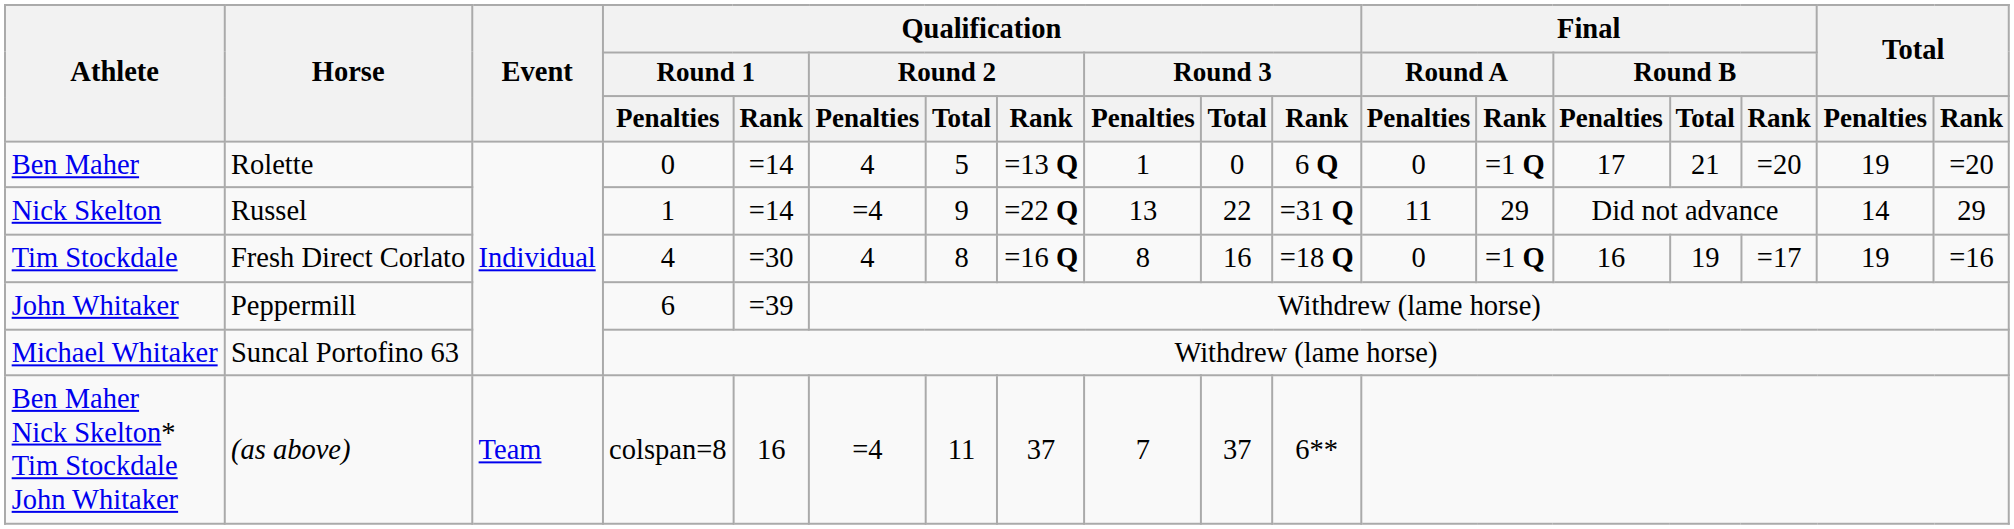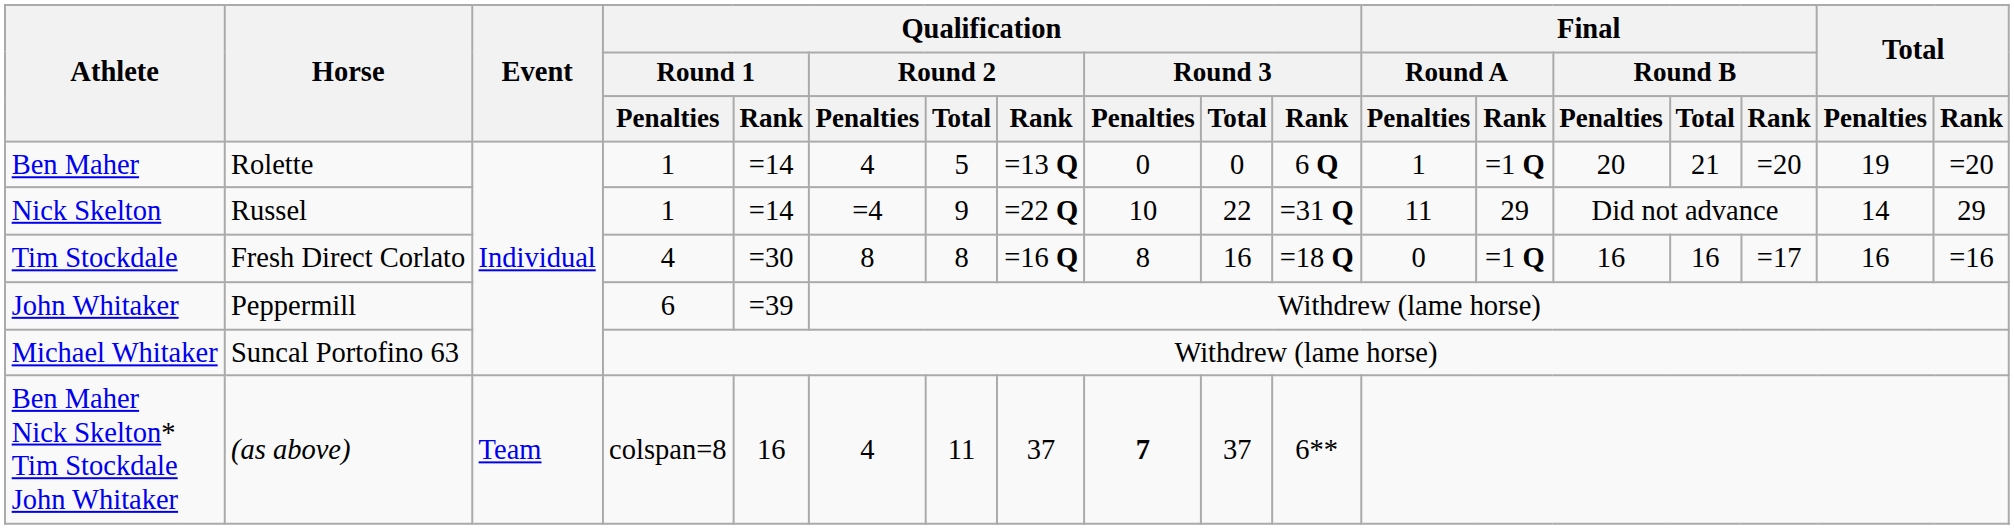 <table class="wikitable" style="font-size:90%">
 <tr>
 <th rowspan="3">Athlete</th>
 <th rowspan="3">Horse</th>
 <th rowspan="3">Event</th>
 <th colspan="8">Qualification</th>
 <th colspan="5">Final</th>
 <th rowspan=2 colspan="2">Total</th>
 </tr>
 <tr style="font-size:95%">
 <th colspan="2">Round 1</th>
 <th colspan="3">Round 2</th>
 <th colspan="3">Round 3</th>
 <th colspan="2">Round A</th>
 <th colspan="3">Round B</th>
 </tr>
 <tr style="font-size:95%">
 <th>Penalties</th>
 <th>Rank</th>
 <th>Penalties</th>
 <th>Total</th>
 <th>Rank</th>
 <th>Penalties</th>
 <th>Total</th>
 <th>Rank</th>
 <th>Penalties</th>
 <th>Rank</th>
 <th>Penalties</th>
 <th>Total</th>
 <th>Rank</th>
 <th>Penalties</th>
 <th>Rank</th>
 </tr>
 <tr align=center>
 <td align=left><a href='#'>Ben Maher</a></td>
 <td align=left>Rolette</td>
 <td align=left rowspan=5><a href='#'>Individual</a></td>
-<td>0</td>
+<td>1</td>
 <td>=14</td>
 <td>4</td>
 <td>5</td>
 <td>=13 <strong>Q</strong></td>
-<td>1</td>
+<td>0</td>
 <td>0</td>
 <td>6 <strong>Q</strong></td>
-<td>0</td>
+<td>1</td>
 <td>=1 <strong>Q</strong></td>
-<td>17</td>
+<td>20</td>
 <td>21</td>
 <td>=20</td>
 <td>19</td>
 <td>=20</td>
 </tr>
 <tr align=center>
 <td align=left><a href='#'>Nick Skelton</a></td>
 <td align=left>Russel</td>
 <td>1</td>
 <td>=14</td>
 <td>=4</td>
 <td>9</td>
 <td>=22 <strong>Q</strong></td>
-<td>13</td>
+<td>10</td>
 <td>22</td>
 <td>=31 <strong>Q</strong></td>
 <td>11</td>
 <td>29</td>
 <td colspan=3>Did not advance</td>
 <td>14</td>
 <td>29</td>
 </tr>
 <tr align=center>
 <td align=left><a href='#'>Tim Stockdale</a></td>
 <td align=left>Fresh Direct Corlato</td>
 <td>4</td>
 <td>=30</td>
-<td>4</td>
+<td>8</td>
 <td>8</td>
 <td>=16 <strong>Q</strong></td>
 <td>8</td>
 <td>16</td>
 <td>=18 <strong>Q</strong></td>
 <td>0</td>
 <td>=1 <strong>Q</strong></td>
 <td>16</td>
-<td>19</td>
+<td>16</td>
 <td>=17</td>
-<td>19</td>
+<td>16</td>
 <td>=16</td>
 </tr>
 <tr align=center>
 <td align=left><a href='#'>John Whitaker</a></td>
 <td align=left>Peppermill</td>
 <td>6</td>
 <td>=39</td>
 <td colspan=13>Withdrew (lame horse)</td>
 </tr>
 <tr align=center>
 <td align=left><a href='#'>Michael Whitaker</a></td>
 <td align=left>Suncal Portofino 63</td>
 <td colspan=15>Withdrew (lame horse)</td>
 </tr>
 <tr align=center>
 <td align=left><a href='#'>Ben Maher</a><br><a href='#'>Nick Skelton</a>*<br><a href='#'>Tim Stockdale</a><br><a href='#'>John Whitaker</a></td>
 <td align=left><em>(as above)</em></td>
 <td align=left><a href='#'>Team</a></td>
 <td>colspan=8 </td>
 <td>16</td>
-<td>=4</td>
+<td>4</td>
 <td>11</td>
 <td>37</td>
-<td>7</td>
+<td><strong>7</strong></td>
 <td>37</td>
 <td>6**</td>
 </tr>
 </table>
